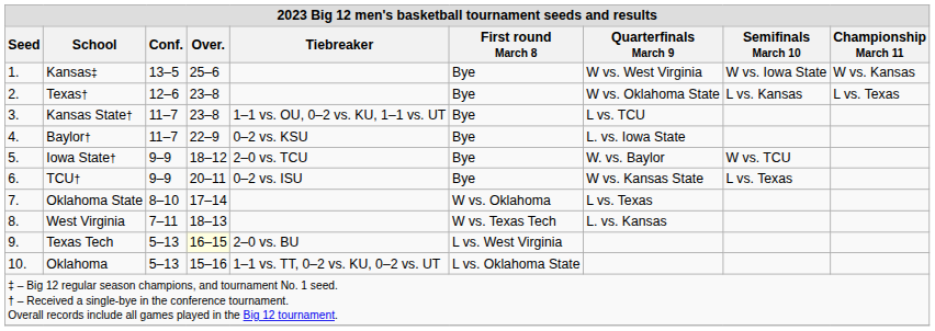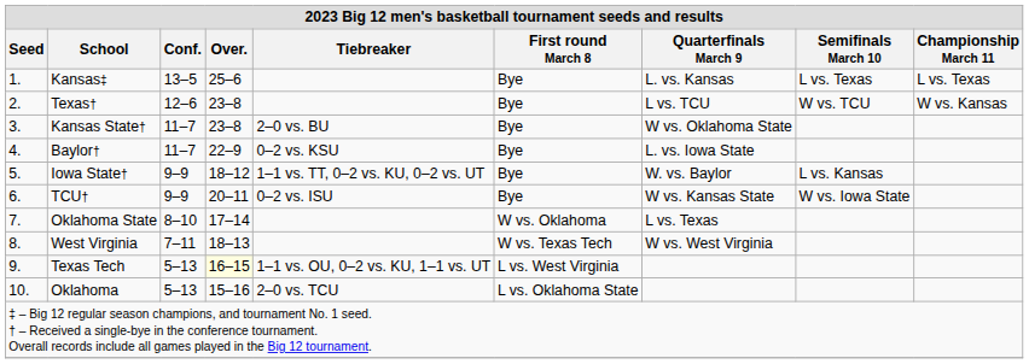 <table class="wikitable" style="white-space:nowrap; font-size:90%;">
 <tr>
 <td colspan="10" style="text-align:center; background:#DDDDDD; font:#000000"><strong>2023 Big 12 men's basketball tournament seeds and results</strong></td>
 </tr>
 <tr bgcolor="#efefef">
 <th>Seed</th>
 <th>School</th>
 <th>Conf.</th>
 <th>Over.</th>
 <th>Tiebreaker</th>
 <th>First round<br><small>March 8</small></th>
 <th>Quarterfinals<br><small>March 9</small></th>
 <th>Semifinals<br><small>March 10</small></th>
 <th>Championship<br><small>March 11</small></th>
 </tr>
 <tr>
 <td>1.</td>
 <td>Kansas<small>‡</small></td>
 <td>13–5</td>
 <td>25–6</td>
 <td></td>
 <td>Bye</td>
-<td>W vs. West Virginia</td>
-<td>W vs. Iowa State</td>
-<td>W vs. Kansas</td>
+<td>L. vs. Kansas</td>
+<td>L vs. Texas</td>
+<td>L vs. Texas</td>
 </tr>
 <tr>
 <td>2.</td>
 <td>Texas<small>†</small></td>
 <td>12–6</td>
 <td>23–8</td>
 <td></td>
 <td>Bye</td>
-<td>W vs. Oklahoma State</td>
-<td>L vs. Kansas</td>
-<td>L vs. Texas</td>
+<td>L vs. TCU</td>
+<td>W vs. TCU</td>
+<td>W vs. Kansas</td>
 </tr>
 <tr>
 <td>3.</td>
 <td>Kansas State<small>†</small></td>
 <td>11–7</td>
 <td>23–8</td>
-<td>1–1 vs. OU, 0–2 vs. KU, 1–1 vs. UT</td>
+<td>2–0 vs. BU</td>
 <td>Bye</td>
-<td>L vs. TCU</td>
+<td>W vs. Oklahoma State</td>
 <td></td>
 <td></td>
 </tr>
 <tr>
 <td>4.</td>
 <td>Baylor<small>†</small></td>
 <td>11–7</td>
 <td>22–9</td>
 <td>0–2 vs. KSU</td>
 <td>Bye</td>
 <td>L. vs. Iowa State</td>
 <td></td>
 <td></td>
 </tr>
 <tr>
 <td>5.</td>
 <td>Iowa State<small>†</small></td>
 <td>9–9</td>
 <td>18–12</td>
-<td>2–0 vs. TCU</td>
+<td>1–1 vs. TT, 0–2 vs. KU, 0–2 vs. UT</td>
 <td>Bye</td>
 <td>W. vs. Baylor</td>
-<td>W vs. TCU</td>
+<td>L vs. Kansas</td>
 <td></td>
 </tr>
 <tr>
 <td>6.</td>
 <td>TCU<small>†</small></td>
 <td>9–9</td>
 <td>20–11</td>
 <td>0–2 vs. ISU</td>
 <td>Bye</td>
 <td>W vs. Kansas State</td>
-<td>L vs. Texas</td>
+<td>W vs. Iowa State</td>
 <td></td>
 </tr>
 <tr>
 <td>7.</td>
 <td>Oklahoma State</td>
 <td>8–10</td>
 <td>17–14</td>
 <td></td>
 <td>W vs. Oklahoma</td>
 <td>L vs. Texas</td>
 <td></td>
 <td></td>
 </tr>
 <tr>
 <td>8.</td>
 <td>West Virginia</td>
 <td>7–11</td>
 <td>18–13</td>
 <td></td>
 <td>W vs. Texas Tech</td>
-<td>L. vs. Kansas</td>
+<td>W vs. West Virginia</td>
 <td></td>
 <td></td>
 </tr>
 <tr>
 <td>9.</td>
 <td>Texas Tech</td>
 <td>5–13</td>
 <td style="background: lightyellow;">16–15</td>
-<td>2–0 vs. BU</td>
+<td>1–1 vs. OU, 0–2 vs. KU, 1–1 vs. UT</td>
 <td>L vs. West Virginia</td>
 <td></td>
 <td></td>
 <td></td>
 </tr>
 <tr>
 <td>10.</td>
 <td>Oklahoma</td>
 <td>5–13</td>
 <td>15–16</td>
-<td>1–1 vs. TT, 0–2 vs. KU, 0–2 vs. UT</td>
+<td>2–0 vs. TCU</td>
 <td>L vs. Oklahoma State</td>
 <td></td>
 <td></td>
 <td></td>
 </tr>
 <tr>
 <td colspan="10" style="text-align:left;"><small>‡ – Big 12 regular season champions, and tournament No. 1 seed.<br>† – Received a single-bye in the conference tournament.<br>Overall records include all games played in the <a href='#'>Big 12 tournament</a>.</small></td>
 </tr>
 <tr>
 </tr>
 </table>
